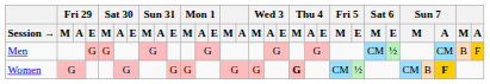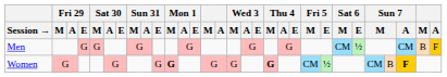 <table class="wikitable" style="margin:0.5em auto; font-size:90%; line-height:1.25em; text-align:center;">
 <tr>
 <th></th>
 <th colspan=3>Fri 29</th>
 <th colspan=3>Sat 30</th>
 <th colspan=3>Sun 31</th>
 <th colspan=3>Mon 1</th>
 <th colspan=2></th>
 <th colspan=3>Wed 3</th>
 <th colspan=3>Thu 4</th>
 <th colspan=2>Fri 5</th>
 <th colspan=2>Sat 6</th>
 <th colspan=3>Sun 7</th>
 <th colspan=2></th>
 </tr>
 <tr>
 <th>Session →</th>
 <th>M</th>
 <th>A</th>
 <th>E</th>
 <th>M</th>
 <th>A</th>
 <th>E</th>
 <th>M</th>
 <th>A</th>
 <th>E</th>
 <th>M</th>
 <th>A</th>
 <th>E</th>
 <th>M</th>
 <th>A</th>
 <th>M</th>
 <th>A</th>
 <th>E</th>
 <th>M</th>
 <th>A</th>
 <th>E</th>
 <th>M</th>
 <th>E</th>
 <th>M</th>
 <th>E</th>
 <th colspan=2>M</th>
 <th>A</th>
 <th>M</th>
 <th>A</th>
 </tr>
 <tr>
 <td style="text-align:left;"><a href='#'>Men</a></td>
 <td colspan=2></td>
 <td style="background-color:#FFBBBB;">G</td>
 <td style="background-color:#FFBBBB;">G</td>
 <td colspan=2></td>
 <td colspan="2" style="background-color:#FFBBBB;">G</td>
 <td></td>
 <td></td>
 <td colspan="2" style="background-color:#FFBBBB;">G</td>
 <td colspan=2></td>
 <td></td>
 <td colspan="2" style="background-color:#FFBBBB;">G</td>
 <td></td>
 <td colspan="2" style="background-color:#FFBBBB;">G</td>
 <td colspan="2"></td>
 <td style="background-color:#97DEFF;">CM</td>
 <td style="background-color:#BBF3BB;">½</td>
 <td colspan=2></td>
 <td style="background-color:#97DEFF;">CM</td>
 <td style="background-color:#FEDCBA;">B</td>
 <td style="background-color:#FFCC00;">F</td>
 </tr>
 <tr>
 <td style="text-align:left;"><a href='#'>Women</a></td>
 <td colspan="2" style="background-color:#FFBBBB;">G</td>
 <td></td>
 <td></td>
 <td colspan="2" style="background-color:#FFBBBB;">G</td>
 <td colspan=2></td>
 <td style="background-color:#FFBBBB;">G</td>
-<td style="background-color:#FFBBBB;">G</td>
+<td style="background-color:#FFBBBB;"><strong>G</strong></td>
 <td colspan=2></td>
 <td colspan="2" style="background-color:#FFBBBB;">G</td>
 <td style="background-color:#FFBBBB;">G</td>
 <td colspan=2></td>
 <td style="background-color:#FFBBBB;"><strong>G</strong></td>
 <td colspan=2></td>
 <td style="background-color:#97DEFF;">CM</td>
 <td style="background-color:#BBF3BB;">½</td>
 <td colspan="2"></td>
 <td style="background-color:#97DEFF;">CM</td>
 <td style="background-color:#FEDCBA;">B</td>
 <td style="background-color:#FFCC00;"><strong>F</strong></td>
 <td colspan="2"></td>
 </tr>
 </table>
